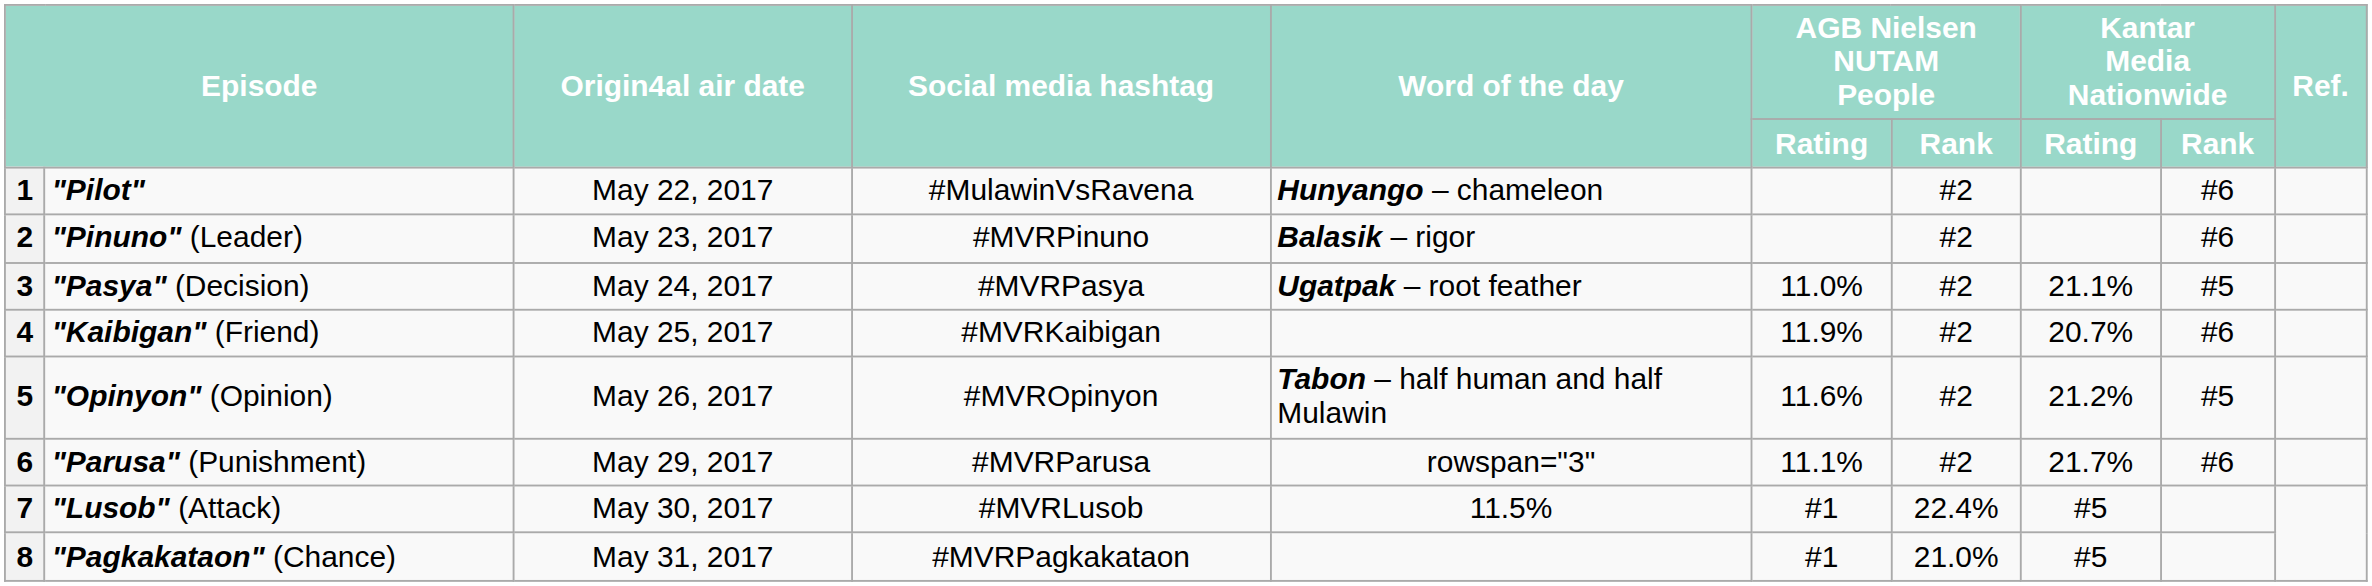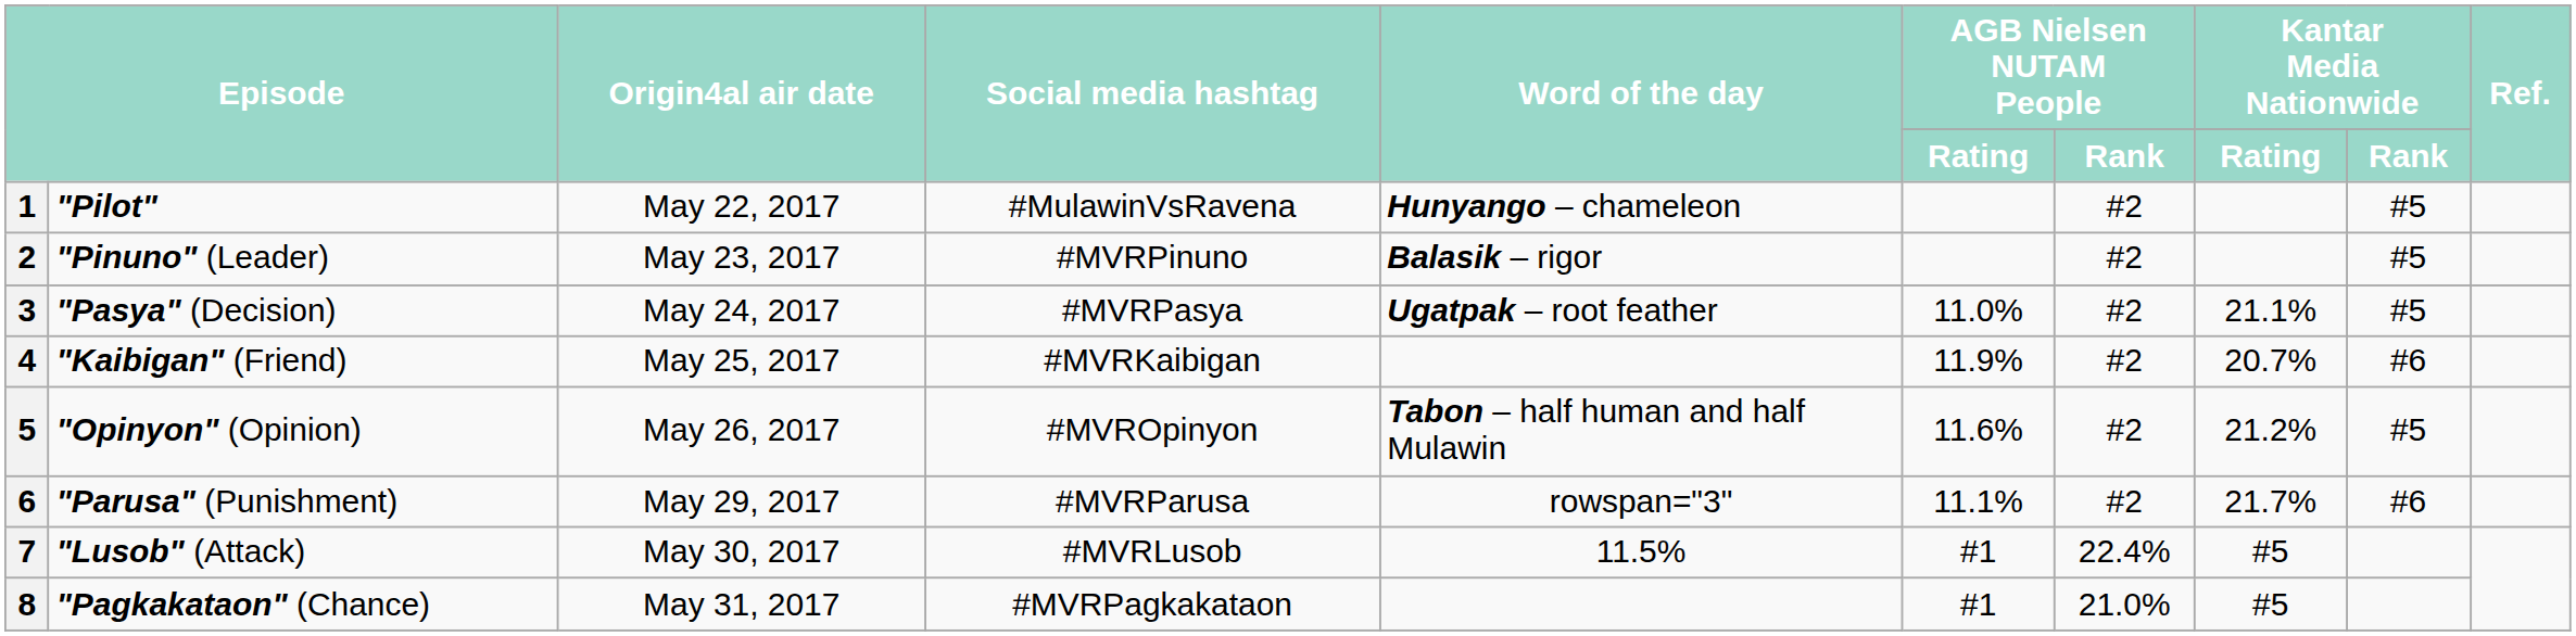 <table class="wikitable" style="text-align:center; font-size:100%; line-height:18px;"  width="100%">
 <tr>
 <th colspan="2" rowspan="2" style="background:#99D8C9; color:#ffffff">Episode</th>
 <th rowspan="2" style="background:#99D8C9; color:#ffffff">Origin4al air date</th>
 <th rowspan="2" style="background:#99D8C9; color:#ffffff">Social media hashtag</th>
 <th rowspan="2" style="background:#99D8C9; width:250px; color:#ffffff">Word of the day</th>
 <th colspan="2" style="background:#99D8C9; color:#ffffff">AGB Nielsen <br>NUTAM<br>People</th>
 <th colspan="2" style="background:#99D8C9; color:#ffffff">Kantar<br>Media<br>Nationwide</th>
 <th rowspan="2" style="background:#99D8C9; color:#ffffff">Ref.</th>
 </tr>
 <tr>
 <th style="background-color:#99D8C9; color:#ffffff;">Rating</th>
 <th style="background-color:#99D8C9; color:#ffffff;">Rank</th>
 <th style="background-color:#99D8C9; color:#ffffff;">Rating</th>
 <th style="background-color:#99D8C9; color:#ffffff;">Rank</th>
 </tr>
 <tr>
 <th>1</th>
 <td style="text-align: left;"><strong><em>"Pilot"</em></strong></td>
 <td>May 22, 2017</td>
 <td>#MulawinVsRavena</td>
 <td style="text-align: left;"><strong><em>Hunyango</em></strong> – chameleon</td>
 <td></td>
 <td>#2</td>
 <td></td>
-<td>#6</td>
+<td>#5</td>
 <td></td>
 </tr>
 <tr>
 <th>2</th>
 <td style="text-align: left;"><strong><em>"Pinuno"</em></strong> (Leader)</td>
 <td>May 23, 2017</td>
 <td>#MVRPinuno</td>
 <td style="text-align: left;"><strong><em>Balasik</em></strong> – rigor</td>
 <td></td>
 <td>#2</td>
 <td></td>
-<td>#6</td>
+<td>#5</td>
 <td></td>
 </tr>
 <tr>
 <th>3</th>
 <td style="text-align: left;"><strong><em>"Pasya"</em></strong> (Decision)</td>
 <td>May 24, 2017</td>
 <td>#MVRPasya</td>
 <td style="text-align: left;"><strong><em>Ugatpak</em></strong> – root feather</td>
 <td>11.0%</td>
 <td>#2</td>
 <td>21.1%</td>
 <td>#5</td>
 <td></td>
 </tr>
 <tr>
 <th>4</th>
 <td style="text-align: left;"><strong><em>"Kaibigan"</em></strong> (Friend)</td>
 <td>May 25, 2017</td>
 <td>#MVRKaibigan</td>
 <td></td>
 <td>11.9%</td>
 <td>#2</td>
 <td>20.7%</td>
 <td>#6</td>
 <td></td>
 </tr>
 <tr>
 <th>5</th>
 <td style="text-align: left;"><strong><em>"Opinyon"</em></strong> (Opinion)</td>
 <td>May 26, 2017</td>
 <td>#MVROpinyon</td>
 <td style="text-align: left;"><strong><em>Tabon</em></strong> – half human and half Mulawin</td>
 <td>11.6%</td>
 <td>#2</td>
 <td>21.2%</td>
 <td>#5</td>
 <td></td>
 </tr>
 <tr>
 <th>6</th>
 <td style="text-align: left;"><strong><em>"Parusa"</em></strong> (Punishment)</td>
 <td>May 29, 2017</td>
 <td>#MVRParusa</td>
 <td>rowspan="3" </td>
 <td>11.1%</td>
 <td>#2</td>
 <td>21.7%</td>
 <td>#6</td>
 <td></td>
 </tr>
 <tr>
 <th>7</th>
 <td style="text-align: left;"><strong><em>"Lusob"</em></strong> (Attack)</td>
 <td>May 30, 2017</td>
 <td>#MVRLusob</td>
 <td>11.5%</td>
 <td>#1</td>
 <td>22.4%</td>
 <td>#5</td>
 <td></td>
 </tr>
 <tr>
 <th>8</th>
 <td style="text-align: left;"><strong><em>"Pagkakataon"</em></strong> (Chance)</td>
 <td>May 31, 2017</td>
 <td>#MVRPagkakataon</td>
 <td></td>
 <td>#1</td>
 <td>21.0%</td>
 <td>#5</td>
 <td></td>
 </tr>
 </table>
